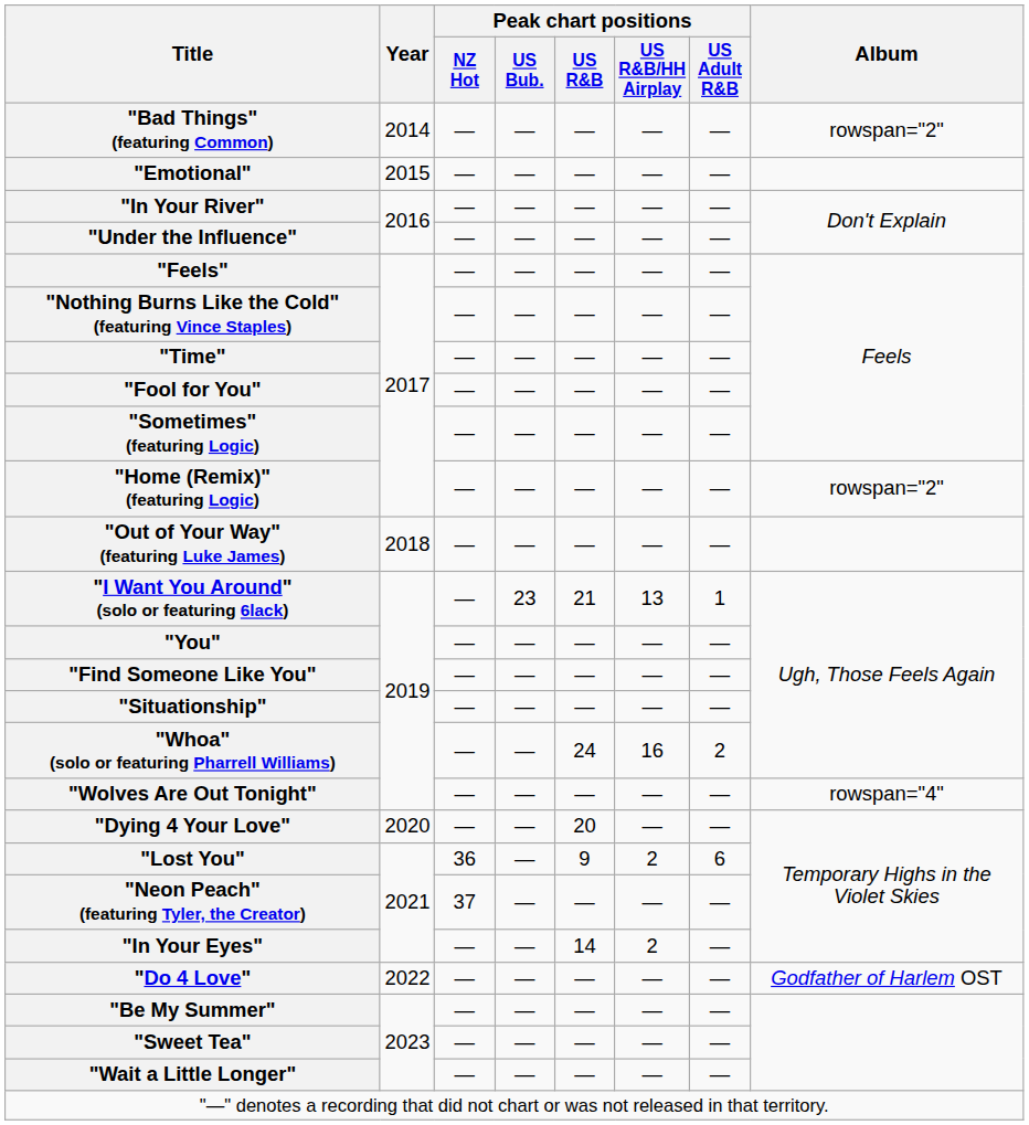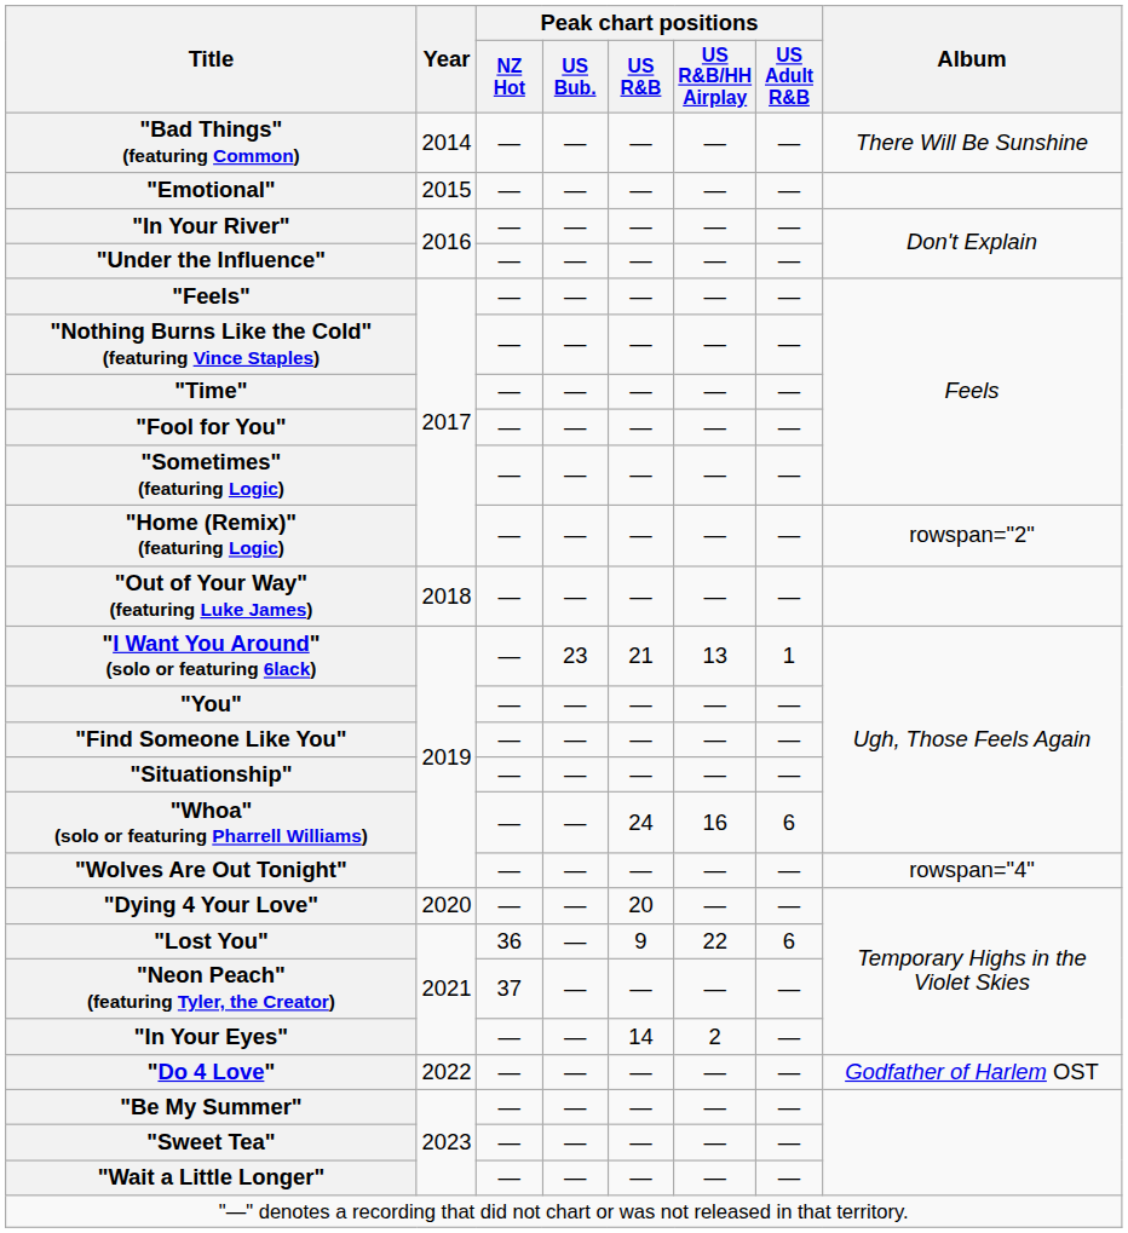 <table class="wikitable plainrowheaders" style="text-align:center;">
 <tr>
 <th scope="col" rowspan="2" style="width:18em;">Title</th>
 <th scope="col" rowspan="2" style="width:1em;">Year</th>
 <th scope="col" colspan="5" style="width:6em;">Peak chart positions</th>
 <th scope="col" rowspan="2" style="width:13em;">Album</th>
 </tr>
 <tr>
 <th scope="col" style="width:3em;font-size:85%;"><a href='#'>NZ Hot</a><br></th>
 <th scope="col" style="width:3em;font-size:85%;"><a href='#'>US Bub.</a><br></th>
 <th scope="col" style="width:3em;font-size:85%;"><a href='#'>US<br>R&B</a><br></th>
 <th scope="col" style="width:3em;font-size:85%;"><a href='#'>US<br>R&B/HH<br>Airplay</a><br></th>
 <th scope="col" style="width:3em;font-size:85%;"><a href='#'>US Adult R&B</a><br></th>
 </tr>
 <tr>
 <th scope="row">"Bad Things"<br><small>(featuring <a href='#'>Common</a>)</small></th>
 <td>2014</td>
 <td>—</td>
 <td>—</td>
 <td>—</td>
 <td>—</td>
 <td>—</td>
-<td>rowspan="2" </td>
+<td scope="row"><em>There Will Be Sunshine</em></td>
 </tr>
 <tr>
 <th scope="row">"Emotional"</th>
 <td>2015</td>
 <td>—</td>
 <td>—</td>
 <td>—</td>
 <td>—</td>
 <td>—</td>
 <td></td>
 </tr>
 <tr>
 <th scope="row">"In Your River"</th>
 <td rowspan="2">2016</td>
 <td>—</td>
 <td>—</td>
 <td>—</td>
 <td>—</td>
 <td>—</td>
 <td rowspan="2"><em>Don't Explain</em></td>
 </tr>
 <tr>
 <th scope="row">"Under the Influence"</th>
 <td>—</td>
 <td>—</td>
 <td>—</td>
 <td>—</td>
 <td>—</td>
 </tr>
 <tr>
 <th scope="row">"Feels"</th>
 <td rowspan="6">2017</td>
 <td>—</td>
 <td>—</td>
 <td>—</td>
 <td>—</td>
 <td>—</td>
 <td rowspan="5"><em>Feels</em></td>
 </tr>
 <tr>
 <th scope="row">"Nothing Burns Like the Cold"<br><small>(featuring <a href='#'>Vince Staples</a>)</small></th>
 <td>—</td>
 <td>—</td>
 <td>—</td>
 <td>—</td>
 <td>—</td>
 </tr>
 <tr>
 <th scope="row">"Time"</th>
 <td>—</td>
 <td>—</td>
 <td>—</td>
 <td>—</td>
 <td>—</td>
 </tr>
 <tr>
 <th scope="row">"Fool for You"</th>
 <td>—</td>
 <td>—</td>
 <td>—</td>
 <td>—</td>
 <td>—</td>
 </tr>
 <tr>
 <th scope="row">"Sometimes"<br><small>(featuring <a href='#'>Logic</a>)</small></th>
 <td>—</td>
 <td>—</td>
 <td>—</td>
 <td>—</td>
 <td>—</td>
 </tr>
 <tr>
 <th scope="row">"Home (Remix)"<br><small>(featuring <a href='#'>Logic</a>)</small></th>
 <td>—</td>
 <td>—</td>
 <td>—</td>
 <td>—</td>
 <td>—</td>
 <td>rowspan="2" </td>
 </tr>
 <tr>
 <th scope="row">"Out of Your Way"<br><small>(featuring <a href='#'>Luke James</a>)</small></th>
 <td>2018</td>
 <td>—</td>
 <td>—</td>
 <td>—</td>
 <td>—</td>
 <td>—</td>
 </tr>
 <tr>
 <th scope="row">"<a href='#'>I Want You Around</a>"<br><small>(solo or featuring <a href='#'>6lack</a>)</small></th>
 <td rowspan="6">2019</td>
 <td>—</td>
 <td>23</td>
 <td>21</td>
 <td>13</td>
 <td>1</td>
 <td rowspan="5"><em>Ugh, Those Feels Again</em></td>
 </tr>
 <tr>
 <th scope="row">"You"</th>
 <td>—</td>
 <td>—</td>
 <td>—</td>
 <td>—</td>
 <td>—</td>
 </tr>
 <tr>
 <th scope="row">"Find Someone Like You"</th>
 <td>—</td>
 <td>—</td>
 <td>—</td>
 <td>—</td>
 <td>—</td>
 </tr>
 <tr>
 <th scope="row">"Situationship"</th>
 <td>—</td>
 <td>—</td>
 <td>—</td>
 <td>—</td>
 <td>—</td>
 </tr>
 <tr>
 <th scope="row">"Whoa"<br><small>(solo or featuring <a href='#'>Pharrell Williams</a>)</small></th>
 <td>—</td>
 <td>—</td>
 <td>24</td>
 <td>16</td>
-<td>2</td>
+<td>6</td>
 </tr>
 <tr>
 <th scope="row">"Wolves Are Out Tonight"</th>
 <td>—</td>
 <td>—</td>
 <td>—</td>
 <td>—</td>
 <td>—</td>
 <td>rowspan="4" </td>
 </tr>
 <tr>
 <th scope="row">"Dying 4 Your Love"</th>
 <td>2020</td>
 <td>—</td>
 <td>—</td>
 <td>20</td>
 <td>—</td>
 <td>—</td>
 <td rowspan="4"><em>Temporary Highs in the Violet Skies</em></td>
 </tr>
 <tr>
 <th scope="row">"Lost You"</th>
 <td rowspan="3">2021</td>
 <td>36</td>
 <td>—</td>
 <td>9</td>
-<td>2</td>
+<td>22</td>
 <td>6</td>
 </tr>
 <tr>
 <th scope="row">"Neon Peach"<br><small>(featuring <a href='#'>Tyler, the Creator</a>)</small></th>
 <td>37</td>
 <td>—</td>
 <td>—</td>
 <td>—</td>
 <td>—</td>
 </tr>
 <tr>
 <th scope="row">"In Your Eyes"</th>
 <td>—</td>
 <td>—</td>
 <td>14</td>
 <td>2</td>
 <td>—</td>
 </tr>
 <tr>
 <th scope="row">"<a href='#'>Do 4 Love</a>"</th>
 <td>2022</td>
 <td>—</td>
 <td>—</td>
 <td>—</td>
 <td>—</td>
 <td>—</td>
 <td><em><a href='#'>Godfather of Harlem</a></em> OST</td>
 </tr>
 <tr>
 <th scope="row">"Be My Summer"</th>
 <td rowspan="3">2023</td>
 <td>—</td>
 <td>—</td>
 <td>—</td>
 <td>—</td>
 <td>—</td>
 </tr>
 <tr>
 <th scope="row">"Sweet Tea"</th>
 <td>—</td>
 <td>—</td>
 <td>—</td>
 <td>—</td>
 <td>—</td>
 </tr>
 <tr>
 <th scope="row">"Wait a Little Longer"</th>
 <td>—</td>
 <td>—</td>
 <td>—</td>
 <td>—</td>
 <td>—</td>
 </tr>
 <tr>
 <td colspan="8" style="font-size:90%">"—" denotes a recording that did not chart or was not released in that territory.</td>
 </tr>
 </table>
